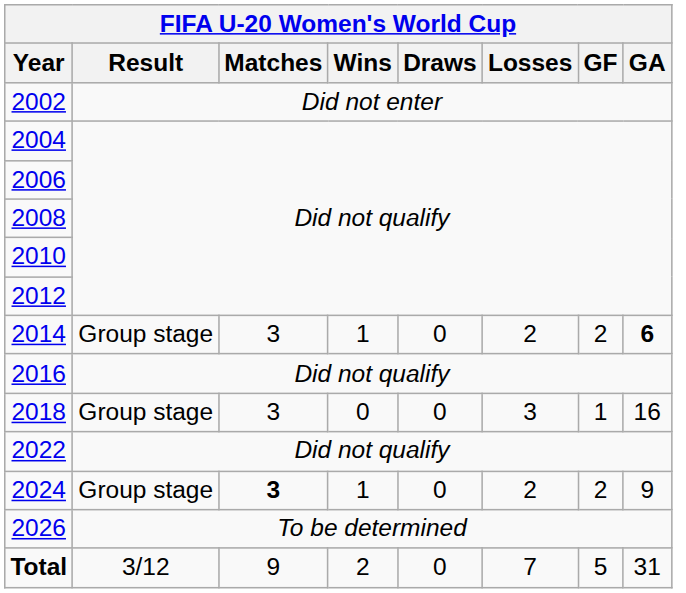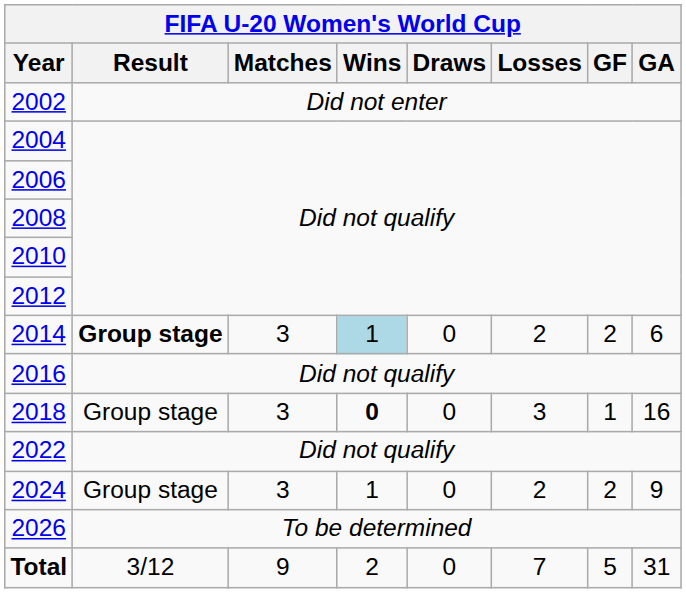 <table class="wikitable" style="text-align: center;">
 <tr>
 <th colspan=8><a href='#'>FIFA U-20 Women's World Cup</a></th>
 </tr>
 <tr>
 <th>Year</th>
 <th>Result</th>
 <th>Matches</th>
 <th>Wins</th>
 <th>Draws</th>
 <th>Losses</th>
 <th>GF</th>
 <th>GA</th>
 </tr>
 <tr>
 <td> <a href='#'>2002</a></td>
 <td colspan=7><em>Did not enter</em></td>
 </tr>
 <tr>
 <td> <a href='#'>2004</a></td>
 <td rowspan=5 colspan=7><em>Did not qualify</em></td>
 </tr>
 <tr>
 <td> <a href='#'>2006</a></td>
 </tr>
 <tr>
 <td> <a href='#'>2008</a></td>
 </tr>
 <tr>
 <td> <a href='#'>2010</a></td>
 </tr>
 <tr>
 <td> <a href='#'>2012</a></td>
 </tr>
 <tr>
 <td> <a href='#'>2014</a></td>
-<td>Group stage</td>
+<td><strong>Group stage</strong></td>
 <td>3</td>
-<td>1</td>
+<td style="background: lightblue;">1</td>
 <td>0</td>
 <td>2</td>
 <td>2</td>
-<td><strong>6</strong></td>
+<td>6</td>
 </tr>
 <tr>
 <td> <a href='#'>2016</a></td>
 <td colspan=7><em>Did not qualify</em></td>
 </tr>
 <tr>
 <td> <a href='#'>2018</a></td>
 <td>Group stage</td>
 <td>3</td>
-<td>0</td>
+<td><strong>0</strong></td>
 <td>0</td>
 <td>3</td>
 <td>1</td>
 <td>16</td>
 </tr>
 <tr>
 <td> <a href='#'>2022</a></td>
 <td colspan=7><em>Did not qualify</em></td>
 </tr>
 <tr>
 <td> <a href='#'>2024</a></td>
 <td>Group stage</td>
-<td><strong>3</strong></td>
+<td>3</td>
 <td>1</td>
 <td>0</td>
 <td>2</td>
 <td>2</td>
 <td>9</td>
 </tr>
 <tr>
 <td> <a href='#'>2026</a></td>
 <td colspan=7><em>To be determined</em></td>
 </tr>
 <tr>
 <td><strong>Total</strong></td>
 <td>3/12</td>
 <td>9</td>
 <td>2</td>
 <td>0</td>
 <td>7</td>
 <td>5</td>
 <td>31</td>
 </tr>
 </table>
